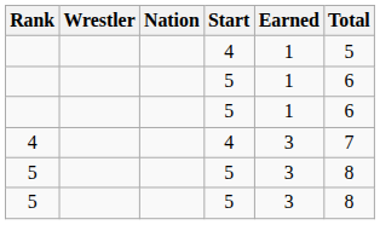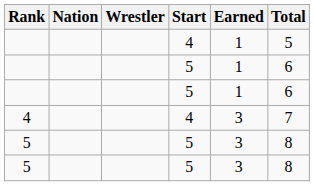 <table class="wikitable sortable" style="text-align:center;">
 <tr>
 <th>Rank</th>
+<th>Nation</th>
 <th>Wrestler</th>
-<th>Nation</th>
 <th>Start</th>
 <th>Earned</th>
 <th>Total</th>
 </tr>
 <tr>
 <td></td>
 <td align=left></td>
 <td align=left></td>
 <td>4</td>
 <td>1</td>
 <td>5</td>
 </tr>
 <tr>
 <td></td>
 <td align=left></td>
 <td align=left></td>
 <td>5</td>
 <td>1</td>
 <td>6</td>
 </tr>
 <tr>
 <td></td>
 <td align=left></td>
 <td align=left></td>
 <td>5</td>
 <td>1</td>
 <td>6</td>
 </tr>
 <tr>
 <td>4</td>
 <td align=left></td>
 <td align=left></td>
 <td>4</td>
 <td>3</td>
 <td>7</td>
 </tr>
 <tr>
 <td>5</td>
 <td align=left></td>
 <td align=left></td>
 <td>5</td>
 <td>3</td>
 <td>8</td>
 </tr>
 <tr>
 <td>5</td>
 <td align=left></td>
 <td align=left></td>
 <td>5</td>
 <td>3</td>
 <td>8</td>
 </tr>
 </table>
